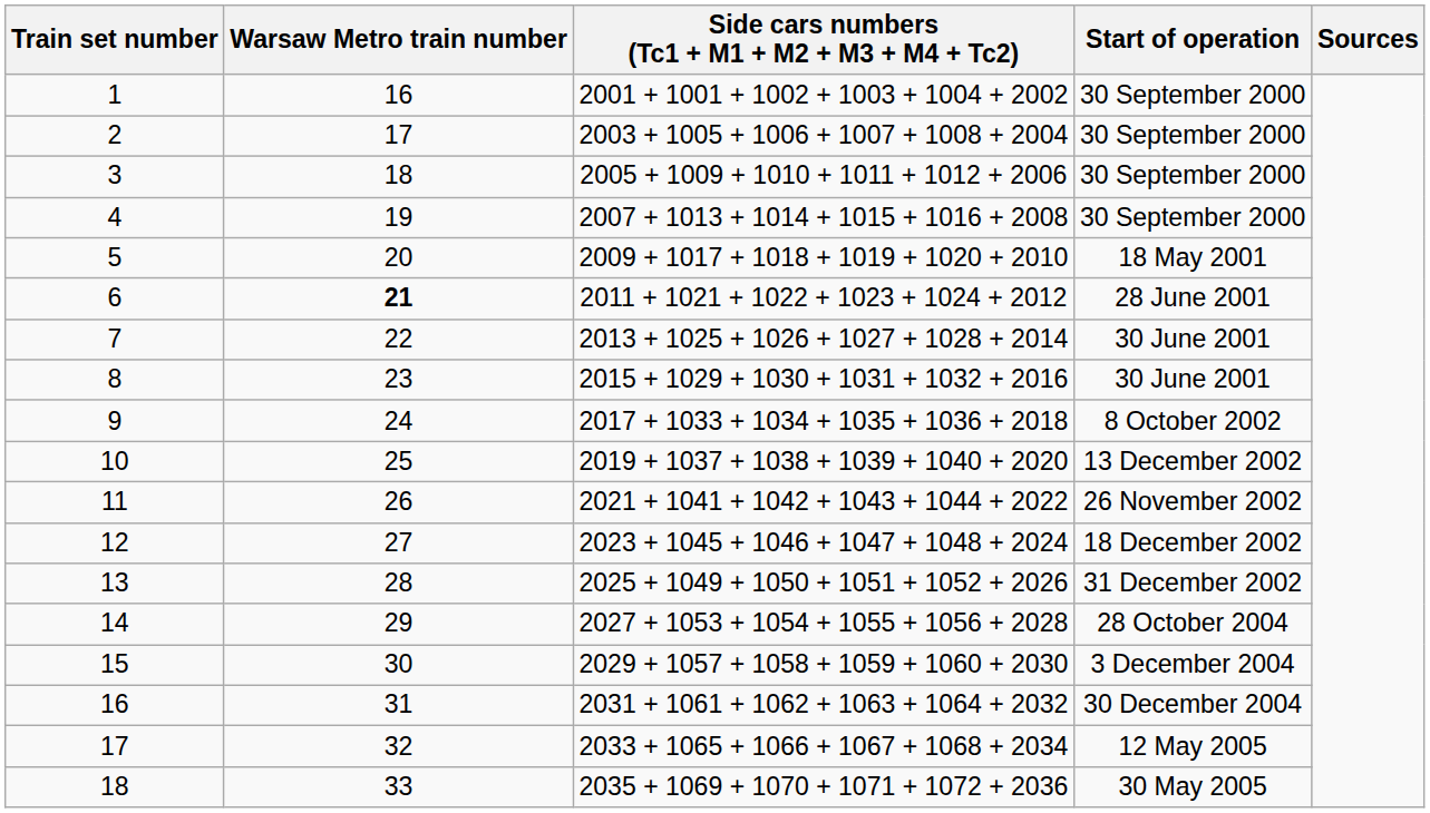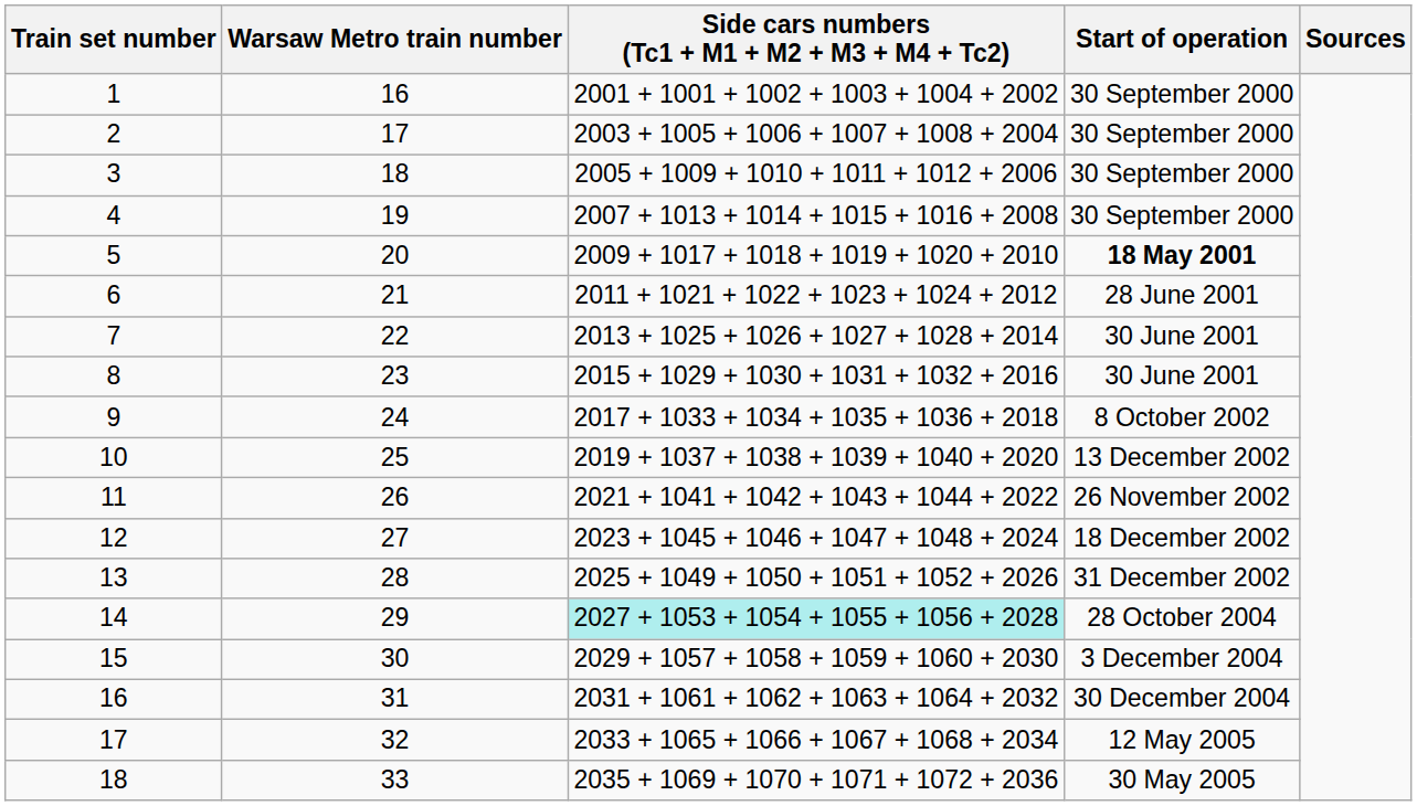 <table class="wikitable" style="text-align:center;">
 <tr>
 <th>Train set number</th>
 <th>Warsaw Metro train number</th>
 <th>Side cars numbers<br>(Tc1 + M1 + M2 + M3 + M4 + Tc2)</th>
 <th>Start of operation</th>
 <th>Sources</th>
 </tr>
 <tr>
 <td>1</td>
 <td>16</td>
 <td>2001 + 1001 + 1002 + 1003 + 1004 + 2002</td>
 <td>30 September 2000</td>
 <td rowspan="18"></td>
 </tr>
 <tr>
 <td>2</td>
 <td>17</td>
 <td>2003 + 1005 + 1006 + 1007 + 1008 + 2004</td>
 <td>30 September 2000</td>
 </tr>
 <tr>
 <td>3</td>
 <td>18</td>
 <td>2005 + 1009 + 1010 + 1011 + 1012 + 2006</td>
 <td>30 September 2000</td>
 </tr>
 <tr>
 <td>4</td>
 <td>19</td>
 <td>2007 + 1013 + 1014 + 1015 + 1016 + 2008</td>
 <td>30 September 2000</td>
 </tr>
 <tr>
 <td>5</td>
 <td>20</td>
 <td>2009 + 1017 + 1018 + 1019 + 1020 + 2010</td>
-<td>18 May 2001</td>
+<td><strong>18 May 2001</strong></td>
 </tr>
 <tr>
 <td>6</td>
-<td><strong>21</strong></td>
+<td>21</td>
 <td>2011 + 1021 + 1022 + 1023 + 1024 + 2012</td>
 <td>28 June 2001</td>
 </tr>
 <tr>
 <td>7</td>
 <td>22</td>
 <td>2013 + 1025 + 1026 + 1027 + 1028 + 2014</td>
 <td>30 June 2001</td>
 </tr>
 <tr>
 <td>8</td>
 <td>23</td>
 <td>2015 + 1029 + 1030 + 1031 + 1032 + 2016</td>
 <td>30 June 2001</td>
 </tr>
 <tr>
 <td>9</td>
 <td>24</td>
 <td>2017 + 1033 + 1034 + 1035 + 1036 + 2018</td>
 <td>8 October 2002</td>
 </tr>
 <tr>
 <td>10</td>
 <td>25</td>
 <td>2019 + 1037 + 1038 + 1039 + 1040 + 2020</td>
 <td>13 December 2002</td>
 </tr>
 <tr>
 <td>11</td>
 <td>26</td>
 <td>2021 + 1041 + 1042 + 1043 + 1044 + 2022</td>
 <td>26 November 2002</td>
 </tr>
 <tr>
 <td>12</td>
 <td>27</td>
 <td>2023 + 1045 + 1046 + 1047 + 1048 + 2024</td>
 <td>18 December 2002</td>
 </tr>
 <tr>
 <td>13</td>
 <td>28</td>
 <td>2025 + 1049 + 1050 + 1051 + 1052 + 2026</td>
 <td>31 December 2002</td>
 </tr>
 <tr>
 <td>14</td>
 <td>29</td>
-<td>2027 + 1053 + 1054 + 1055 + 1056 + 2028</td>
+<td style="background: paleturquoise;">2027 + 1053 + 1054 + 1055 + 1056 + 2028</td>
 <td>28 October 2004</td>
 </tr>
 <tr>
 <td>15</td>
 <td>30</td>
 <td>2029 + 1057 + 1058 + 1059 + 1060 + 2030</td>
 <td>3 December 2004</td>
 </tr>
 <tr>
 <td>16</td>
 <td>31</td>
 <td>2031 + 1061 + 1062 + 1063 + 1064 + 2032</td>
 <td>30 December 2004</td>
 </tr>
 <tr>
 <td>17</td>
 <td>32</td>
 <td>2033 + 1065 + 1066 + 1067 + 1068 + 2034</td>
 <td>12 May 2005</td>
 </tr>
 <tr>
 <td>18</td>
 <td>33</td>
 <td>2035 + 1069 + 1070 + 1071 + 1072 + 2036</td>
 <td>30 May 2005</td>
 </tr>
 </table>
